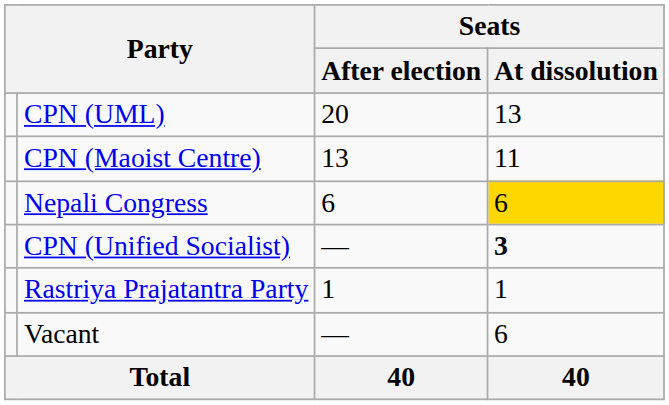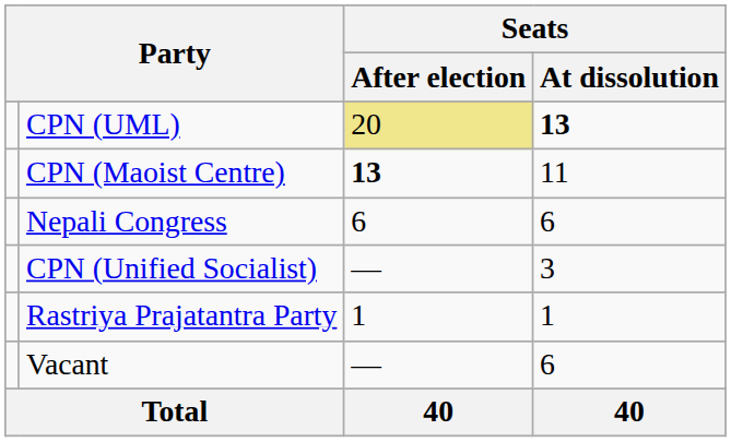 <table class="wikitable">
 <tr>
 <th colspan="2" rowspan="2">Party</th>
 <th colspan="2">Seats</th>
 </tr>
 <tr>
 <th>After election</th>
 <th>At dissolution</th>
 </tr>
 <tr>
 <td></td>
 <td><a href='#'>CPN (UML)</a></td>
-<td>20</td>
-<td>13</td>
+<td style="background: khaki;">20</td>
+<td><strong>13</strong></td>
 </tr>
 <tr>
 <td></td>
 <td><a href='#'>CPN (Maoist Centre)</a></td>
-<td>13</td>
+<td><strong>13</strong></td>
 <td>11</td>
 </tr>
 <tr>
 <td></td>
 <td><a href='#'>Nepali Congress</a></td>
 <td>6</td>
-<td style="background: gold;">6</td>
+<td>6</td>
 </tr>
 <tr>
 <td></td>
 <td><a href='#'>CPN (Unified Socialist)</a></td>
 <td>—</td>
-<td><strong>3</strong></td>
+<td>3</td>
 </tr>
 <tr>
 <td></td>
 <td><a href='#'>Rastriya Prajatantra Party</a></td>
 <td>1</td>
 <td>1</td>
 </tr>
 <tr>
 <td></td>
 <td>Vacant</td>
 <td>—</td>
 <td>6</td>
 </tr>
 <tr>
 <th colspan="2"><strong>Total</strong></th>
 <th>40</th>
 <th>40</th>
 </tr>
 </table>
